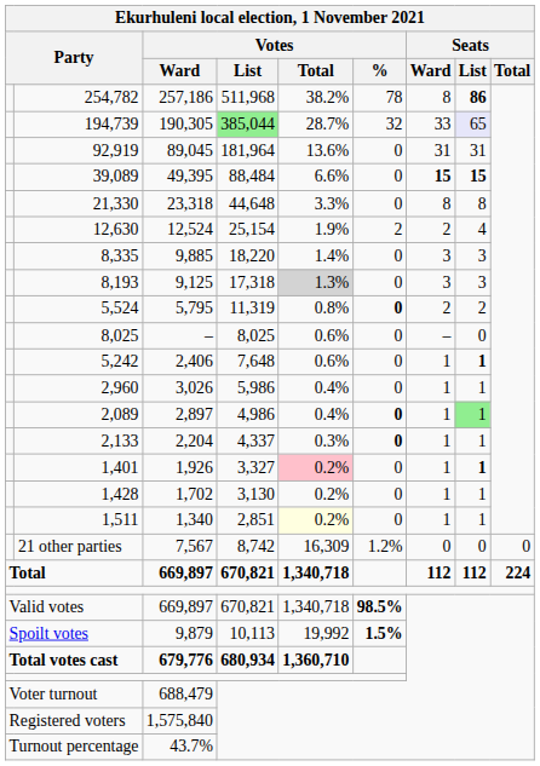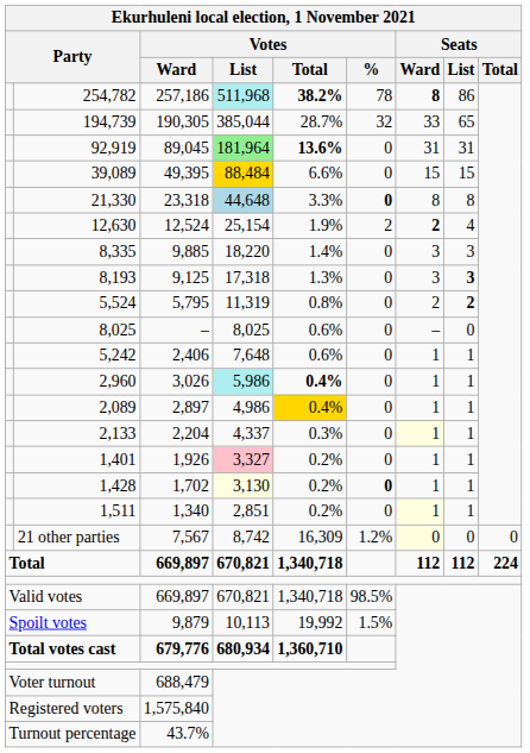 <table class=wikitable style="text-align:right">
 <tr>
 <th colspan="9" align="center">Ekurhuleni local election, 1 November 2021</th>
 </tr>
 <tr>
 <th rowspan="2" colspan="2">Party</th>
 <th colspan="4" align="center">Votes</th>
 <th colspan="3" align="center">Seats</th>
 </tr>
 <tr>
 <th>Ward</th>
 <th>List</th>
 <th>Total</th>
 <th>%</th>
 <th>Ward</th>
 <th>List</th>
 <th>Total</th>
 </tr>
 <tr>
 <td></td>
 <td>254,782</td>
 <td>257,186</td>
-<td>511,968</td>
-<td>38.2%</td>
+<td style="background: paleturquoise;">511,968</td>
+<td><strong>38.2%</strong></td>
 <td>78</td>
-<td>8</td>
-<td><strong>86</strong></td>
+<td><strong>8</strong></td>
+<td>86</td>
 </tr>
 <tr>
 <td></td>
 <td>194,739</td>
 <td>190,305</td>
-<td style="background: lightgreen;">385,044</td>
+<td>385,044</td>
 <td>28.7%</td>
 <td>32</td>
 <td>33</td>
-<td style="background: lavender;">65</td>
+<td>65</td>
 </tr>
 <tr>
 <td></td>
 <td>92,919</td>
 <td>89,045</td>
-<td>181,964</td>
-<td>13.6%</td>
+<td style="background: lightgreen;">181,964</td>
+<td><strong>13.6%</strong></td>
 <td>0</td>
 <td>31</td>
 <td>31</td>
 </tr>
 <tr>
 <td></td>
 <td>39,089</td>
 <td>49,395</td>
-<td>88,484</td>
+<td style="background: gold;">88,484</td>
 <td>6.6%</td>
 <td>0</td>
-<td><strong>15</strong></td>
-<td><strong>15</strong></td>
+<td>15</td>
+<td>15</td>
 </tr>
 <tr>
 <td></td>
 <td>21,330</td>
 <td>23,318</td>
-<td>44,648</td>
+<td style="background: lightblue;">44,648</td>
 <td>3.3%</td>
-<td>0</td>
+<td><strong>0</strong></td>
 <td>8</td>
 <td>8</td>
 </tr>
 <tr>
 <td></td>
 <td>12,630</td>
 <td>12,524</td>
 <td>25,154</td>
 <td>1.9%</td>
 <td>2</td>
-<td>2</td>
+<td><strong>2</strong></td>
 <td>4</td>
 </tr>
 <tr>
 <td></td>
 <td>8,335</td>
 <td>9,885</td>
 <td>18,220</td>
 <td>1.4%</td>
 <td>0</td>
 <td>3</td>
 <td>3</td>
 </tr>
 <tr>
 <td></td>
 <td>8,193</td>
 <td>9,125</td>
 <td>17,318</td>
-<td style="background: lightgrey;">1.3%</td>
+<td>1.3%</td>
 <td>0</td>
 <td>3</td>
-<td>3</td>
+<td><strong>3</strong></td>
 </tr>
 <tr>
 <td></td>
 <td>5,524</td>
 <td>5,795</td>
 <td>11,319</td>
 <td>0.8%</td>
-<td><strong>0</strong></td>
+<td>0</td>
 <td>2</td>
-<td>2</td>
+<td><strong>2</strong></td>
 </tr>
 <tr>
 <td></td>
 <td>8,025</td>
 <td>–</td>
 <td>8,025</td>
 <td>0.6%</td>
 <td>0</td>
 <td>–</td>
 <td>0</td>
 </tr>
 <tr>
 <td></td>
 <td>5,242</td>
 <td>2,406</td>
 <td>7,648</td>
 <td>0.6%</td>
 <td>0</td>
 <td>1</td>
-<td><strong>1</strong></td>
+<td>1</td>
 </tr>
 <tr>
 <td></td>
 <td>2,960</td>
 <td>3,026</td>
-<td>5,986</td>
-<td>0.4%</td>
+<td style="background: paleturquoise;">5,986</td>
+<td><strong>0.4%</strong></td>
 <td>0</td>
 <td>1</td>
 <td>1</td>
 </tr>
 <tr>
 <td></td>
 <td>2,089</td>
 <td>2,897</td>
 <td>4,986</td>
-<td>0.4%</td>
-<td><strong>0</strong></td>
+<td style="background: gold;">0.4%</td>
+<td>0</td>
 <td>1</td>
-<td style="background: lightgreen;">1</td>
+<td>1</td>
 </tr>
 <tr>
 <td></td>
 <td>2,133</td>
 <td>2,204</td>
 <td>4,337</td>
 <td>0.3%</td>
-<td><strong>0</strong></td>
-<td>1</td>
+<td>0</td>
+<td style="background: lightyellow;">1</td>
 <td>1</td>
 </tr>
 <tr>
 <td></td>
 <td>1,401</td>
 <td>1,926</td>
-<td>3,327</td>
-<td style="background: pink;">0.2%</td>
+<td style="background: pink;">3,327</td>
+<td>0.2%</td>
 <td>0</td>
 <td>1</td>
-<td><strong>1</strong></td>
+<td>1</td>
 </tr>
 <tr>
 <td></td>
 <td>1,428</td>
 <td>1,702</td>
-<td>3,130</td>
+<td style="background: lightyellow;">3,130</td>
 <td>0.2%</td>
-<td>0</td>
+<td><strong>0</strong></td>
 <td>1</td>
 <td>1</td>
 </tr>
 <tr>
 <td></td>
 <td>1,511</td>
 <td>1,340</td>
 <td>2,851</td>
-<td style="background: lightyellow;">0.2%</td>
+<td>0.2%</td>
 <td>0</td>
-<td>1</td>
+<td style="background: lightyellow;">1</td>
 <td>1</td>
 </tr>
 <tr>
 <td></td>
 <td style="text-align:left">21 other parties</td>
 <td>7,567</td>
 <td>8,742</td>
 <td>16,309</td>
 <td>1.2%</td>
-<td>0</td>
+<td style="background: lightyellow;">0</td>
 <td>0</td>
 <td>0</td>
 </tr>
 <tr>
 <td colspan="2" style="text-align:left"><strong>Total</strong></td>
 <td><strong>669,897</strong></td>
 <td><strong>670,821</strong></td>
 <td><strong>1,340,718</strong></td>
 <td></td>
 <td><strong>112</strong></td>
 <td><strong>112</strong></td>
 <td><strong>224</strong></td>
 </tr>
 <tr>
 <td colspan="9"></td>
 </tr>
 <tr>
 <td colspan="2" style="text-align:left">Valid votes</td>
 <td>669,897</td>
 <td>670,821</td>
 <td>1,340,718</td>
-<td><strong>98.5%</strong></td>
+<td>98.5%</td>
 </tr>
 <tr>
 <td colspan="2" style="text-align:left"><a href='#'>Spoilt votes</a></td>
 <td>9,879</td>
 <td>10,113</td>
 <td>19,992</td>
-<td><strong>1.5%</strong></td>
+<td>1.5%</td>
 </tr>
 <tr>
 <td colspan="2" style="text-align:left"><strong>Total votes cast</strong></td>
 <td><strong>679,776</strong></td>
 <td><strong>680,934</strong></td>
 <td><strong>1,360,710</strong></td>
 <td></td>
 </tr>
 <tr>
 <td colspan="6"></td>
 </tr>
 <tr>
 <td colspan="2" style="text-align:left">Voter turnout</td>
 <td>688,479</td>
 </tr>
 <tr>
 <td colspan="2" style="text-align:left">Registered voters</td>
 <td>1,575,840</td>
 </tr>
 <tr>
 <td colspan="2" style="text-align:left">Turnout percentage</td>
 <td>43.7%</td>
 </tr>
 </table>
